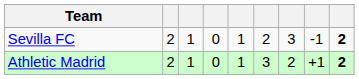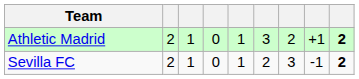 <table class="wikitable" style="text-align: center;">
 <tr>
 <th width=165>Team</th>
 <th wiBAN=20></th>
 <th width=20></th>
 <th width=20></th>
 <th width=20></th>
 <th width=20></th>
 <th width=20></th>
 <th width=20></th>
 <th width=20></th>
 </tr>
+<tr bgcolor="#CCFFCC">
+<td align=left><a href='#'>Athletic Madrid</a></td>
+<td>2</td>
+<td>1</td>
+<td>0</td>
+<td>1</td>
+<td>3</td>
+<td>2</td>
+<td>+1</td>
+<td><strong>2</strong></td>
+</tr>
 <tr>
 <td align=left><a href='#'>Sevilla FC</a></td>
 <td>2</td>
 <td>1</td>
 <td>0</td>
 <td>1</td>
 <td>2</td>
 <td>3</td>
 <td>-1</td>
 <td><strong>2</strong></td>
 </tr>
-<tr bgcolor="#CCFFCC">
-<td align=left><a href='#'>Athletic Madrid</a></td>
-<td>2</td>
-<td>1</td>
-<td>0</td>
-<td>1</td>
-<td>3</td>
-<td>2</td>
-<td>+1</td>
-<td><strong>2</strong></td>
-</tr>
 </table>
